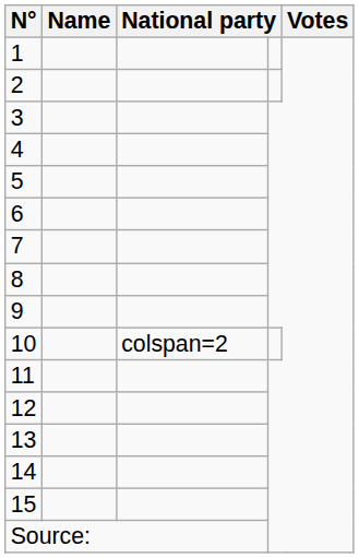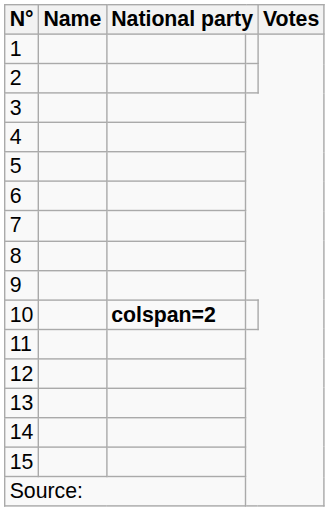 <table class="wikitable sortable" style="font-size:95%;line-height:14px;">
 <tr>
 <th>N°</th>
 <th>Name</th>
 <th colspan="2">National party</th>
 <th>Votes</th>
 </tr>
 <tr>
 <td>1</td>
 <td></td>
 <td></td>
 <td></td>
 </tr>
 <tr>
 <td>2</td>
 <td><em></em></td>
 <td></td>
 <td></td>
 </tr>
 <tr>
 <td>3</td>
 <td></td>
 <td></td>
 </tr>
 <tr>
 <td>4</td>
 <td></td>
 <td></td>
 </tr>
 <tr>
 <td>5</td>
 <td></td>
 <td></td>
 </tr>
 <tr>
 <td>6</td>
 <td></td>
 <td></td>
 </tr>
 <tr>
 <td>7</td>
 <td></td>
 <td></td>
 </tr>
 <tr>
 <td>8</td>
 <td></td>
 <td></td>
 </tr>
 <tr>
 <td>9</td>
 <td></td>
 <td></td>
 </tr>
 <tr>
 <td>10</td>
 <td><em></em></td>
-<td>colspan=2 </td>
+<td><strong>colspan=2 </strong></td>
 <td></td>
 </tr>
 <tr>
 <td>11</td>
 <td></td>
 <td></td>
 </tr>
 <tr>
 <td>12</td>
 <td></td>
 <td></td>
 </tr>
 <tr>
 <td>13</td>
 <td></td>
 <td></td>
 </tr>
 <tr>
 <td>14</td>
 <td></td>
 <td></td>
 </tr>
 <tr>
 <td>15</td>
 <td></td>
 <td></td>
 </tr>
 <tr>
 <td colspan="3">Source: </td>
 </tr>
 </table>
